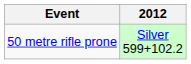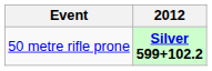 <table class="wikitable" style="text-align: center">
 <tr>
 <th>Event</th>
 <th>2012</th>
 </tr>
 <tr>
 <td align=left><a href='#'>50 metre rifle prone</a></td>
-<td style="background: #ccffcc"> <a href='#'>Silver</a><br>599+102.2</td>
+<td style="background: #ccffcc"><strong> <a href='#'>Silver</a><br>599+102.2</strong></td>
 </tr>
 </table>
